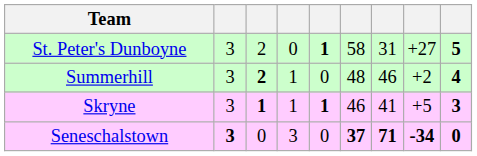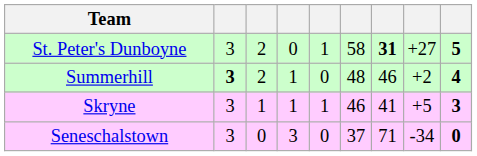 <table class="wikitable" style="text-align:center">
 <tr>
 <th style="width:175px;">Team</th>
 <th width="20"></th>
 <th width="20"></th>
 <th width="20"></th>
 <th width="20"></th>
 <th width="20"></th>
 <th width="20"></th>
 <th width="20"></th>
 <th width="20"></th>
 </tr>
 <tr style="background:#cfc;">
 <td><a href='#'>St. Peter's Dunboyne</a></td>
 <td>3</td>
 <td>2</td>
 <td>0</td>
-<td><strong>1</strong></td>
+<td>1</td>
 <td>58</td>
-<td>31</td>
+<td><strong>31</strong></td>
 <td>+27</td>
 <td><strong>5</strong></td>
 </tr>
 <tr style="background:#cfc;">
 <td><a href='#'>Summerhill</a></td>
-<td>3</td>
-<td><strong>2</strong></td>
+<td><strong>3</strong></td>
+<td>2</td>
 <td>1</td>
 <td>0</td>
 <td>48</td>
 <td>46</td>
 <td>+2</td>
 <td><strong>4</strong></td>
 </tr>
 <tr style="background:#fcf;">
 <td><a href='#'>Skryne</a></td>
 <td>3</td>
-<td><strong>1</strong></td>
 <td>1</td>
-<td><strong>1</strong></td>
+<td>1</td>
+<td>1</td>
 <td>46</td>
 <td>41</td>
 <td>+5</td>
 <td><strong>3</strong></td>
 </tr>
 <tr style="background:#fcf;">
 <td><a href='#'>Seneschalstown</a></td>
-<td><strong>3</strong></td>
+<td>3</td>
 <td>0</td>
 <td>3</td>
 <td>0</td>
-<td><strong>37</strong></td>
-<td><strong>71</strong></td>
-<td><strong>-34</strong></td>
+<td>37</td>
+<td>71</td>
+<td>-34</td>
 <td><strong>0</strong></td>
 </tr>
 </table>
